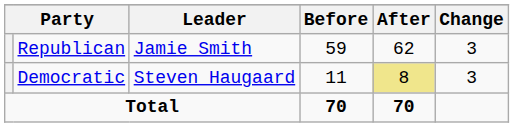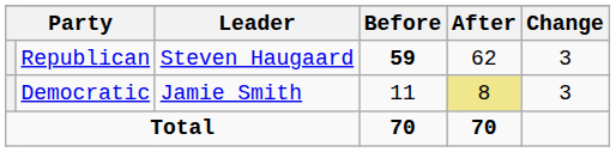 <table class="wikitable" style="text-align:center;">
 <tr>
 </tr>
 <tr>
 <th colspan=2>Party</th>
 <th>Leader</th>
 <th>Before</th>
 <th>After</th>
 <th>Change</th>
 </tr>
 <tr>
 <th style="background-color:"></th>
 <td style="text-align:left;"><a href='#'>Republican</a></td>
-<td style="text-align:left;"><a href='#'>Jamie Smith</a></td>
-<td>59</td>
+<td style="text-align:left;"><a href='#'>Steven Haugaard</a></td>
+<td><strong>59</strong></td>
 <td>62</td>
 <td> 3</td>
 </tr>
 <tr>
 <th style="background-color:"></th>
 <td style="text-align:left;"><a href='#'>Democratic</a></td>
-<td style="text-align:left;"><a href='#'>Steven Haugaard</a></td>
+<td style="text-align:left;"><a href='#'>Jamie Smith</a></td>
 <td>11</td>
 <td style="background: khaki;">8</td>
 <td> 3</td>
 </tr>
 <tr>
 <td colspan=3><strong>Total</strong></td>
 <td><strong>70</strong></td>
 <td><strong>70</strong></td>
 <td></td>
 </tr>
 </table>
